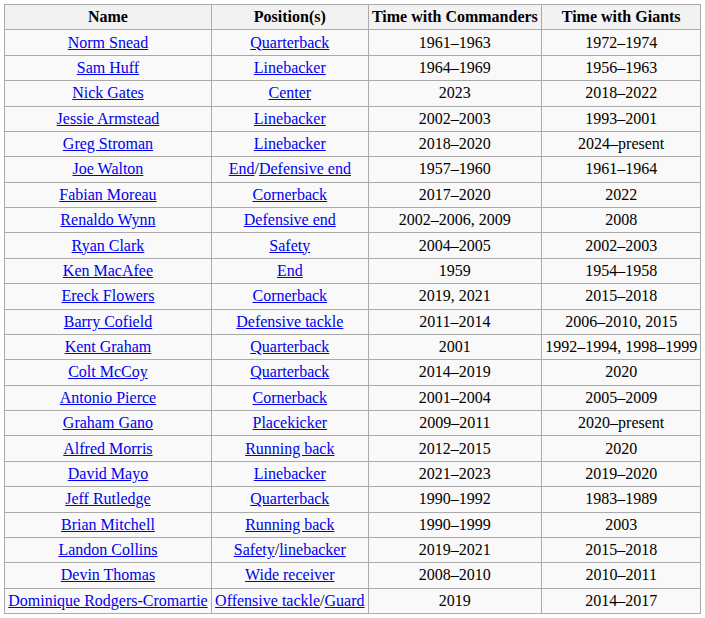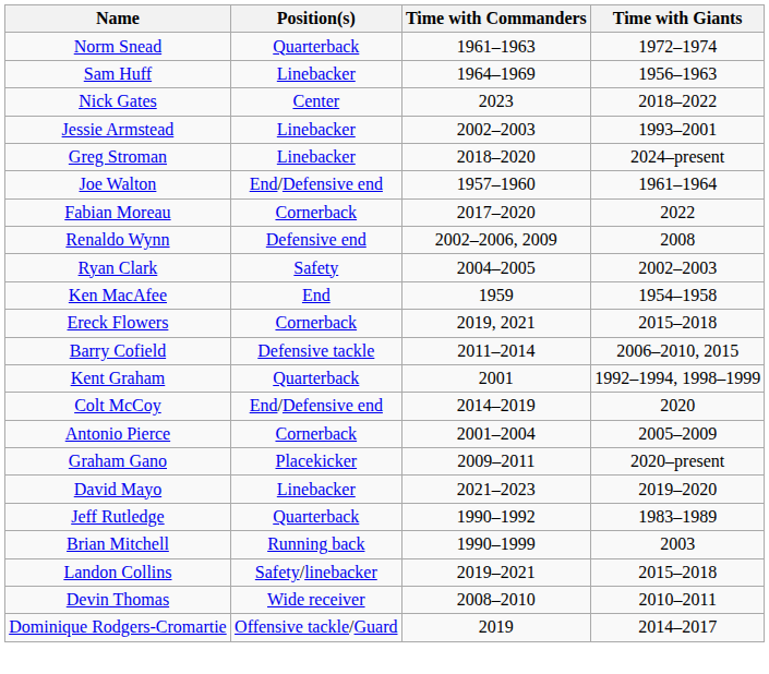 <table class="wikitable" style="text-align: center;">
 <tr>
 <th>Name</th>
 <th>Position(s)</th>
 <th>Time with Commanders</th>
 <th>Time with Giants</th>
 </tr>
 <tr>
 <td><a href='#'>Norm Snead</a></td>
 <td><a href='#'>Quarterback</a></td>
 <td>1961–1963</td>
 <td>1972–1974</td>
 </tr>
 <tr>
 <td><a href='#'>Sam Huff</a></td>
 <td><a href='#'>Linebacker</a></td>
 <td>1964–1969</td>
 <td>1956–1963</td>
 </tr>
 <tr>
 <td><a href='#'>Nick Gates</a></td>
 <td><a href='#'>Center</a></td>
 <td>2023</td>
 <td>2018–2022</td>
 </tr>
 <tr>
 <td><a href='#'>Jessie Armstead</a></td>
 <td><a href='#'>Linebacker</a></td>
 <td>2002–2003</td>
 <td>1993–2001</td>
 </tr>
 <tr>
 <td><a href='#'>Greg Stroman</a></td>
 <td><a href='#'>Linebacker</a></td>
 <td>2018–2020</td>
 <td>2024–present</td>
 </tr>
 <tr>
 <td><a href='#'>Joe Walton</a></td>
 <td><a href='#'>End</a>/<a href='#'>Defensive end</a></td>
 <td>1957–1960</td>
 <td>1961–1964</td>
 </tr>
 <tr>
 <td><a href='#'>Fabian Moreau</a></td>
 <td><a href='#'>Cornerback</a></td>
 <td>2017–2020</td>
 <td>2022</td>
 </tr>
 <tr>
 <td><a href='#'>Renaldo Wynn</a></td>
 <td><a href='#'>Defensive end</a></td>
 <td>2002–2006, 2009</td>
 <td>2008</td>
 </tr>
 <tr>
 <td><a href='#'>Ryan Clark</a></td>
 <td><a href='#'>Safety</a></td>
 <td>2004–2005</td>
 <td>2002–2003</td>
 </tr>
 <tr>
 <td><a href='#'>Ken MacAfee</a></td>
 <td><a href='#'>End</a></td>
 <td>1959</td>
 <td>1954–1958</td>
 </tr>
 <tr>
 <td><a href='#'>Ereck Flowers</a></td>
 <td><a href='#'>Cornerback</a></td>
 <td>2019, 2021</td>
 <td>2015–2018</td>
 </tr>
 <tr>
 <td><a href='#'>Barry Cofield</a></td>
 <td><a href='#'>Defensive tackle</a></td>
 <td>2011–2014</td>
 <td>2006–2010, 2015</td>
 </tr>
 <tr>
 <td><a href='#'>Kent Graham</a></td>
 <td><a href='#'>Quarterback</a></td>
 <td>2001</td>
 <td>1992–1994, 1998–1999</td>
 </tr>
 <tr>
 <td><a href='#'>Colt McCoy</a></td>
-<td><a href='#'>Quarterback</a></td>
+<td><a href='#'>End</a>/<a href='#'>Defensive end</a></td>
 <td>2014–2019</td>
 <td>2020</td>
 </tr>
 <tr>
 <td><a href='#'>Antonio Pierce</a></td>
 <td><a href='#'>Cornerback</a></td>
 <td>2001–2004</td>
 <td>2005–2009</td>
 </tr>
 <tr>
 <td><a href='#'>Graham Gano</a></td>
 <td><a href='#'>Placekicker</a></td>
 <td>2009–2011</td>
 <td>2020–present</td>
-</tr>
-<tr>
-<td><a href='#'>Alfred Morris</a></td>
-<td><a href='#'>Running back</a></td>
-<td>2012–2015</td>
-<td>2020</td>
 </tr>
 <tr>
 <td><a href='#'>David Mayo</a></td>
 <td><a href='#'>Linebacker</a></td>
 <td>2021–2023</td>
 <td>2019–2020</td>
 </tr>
 <tr>
 <td><a href='#'>Jeff Rutledge</a></td>
 <td><a href='#'>Quarterback</a></td>
 <td>1990–1992</td>
 <td>1983–1989</td>
 </tr>
 <tr>
 <td><a href='#'>Brian Mitchell</a></td>
 <td><a href='#'>Running back</a></td>
 <td>1990–1999</td>
 <td>2003</td>
 </tr>
 <tr>
 <td><a href='#'>Landon Collins</a></td>
 <td><a href='#'>Safety</a>/<a href='#'>linebacker</a></td>
 <td>2019–2021</td>
 <td>2015–2018</td>
 </tr>
 <tr>
 <td><a href='#'>Devin Thomas</a></td>
 <td><a href='#'>Wide receiver</a></td>
 <td>2008–2010</td>
 <td>2010–2011</td>
 </tr>
 <tr>
 <td><a href='#'>Dominique Rodgers-Cromartie</a></td>
 <td><a href='#'>Offensive tackle</a>/<a href='#'>Guard</a></td>
 <td>2019</td>
 <td>2014–2017</td>
 </tr>
 </table>
